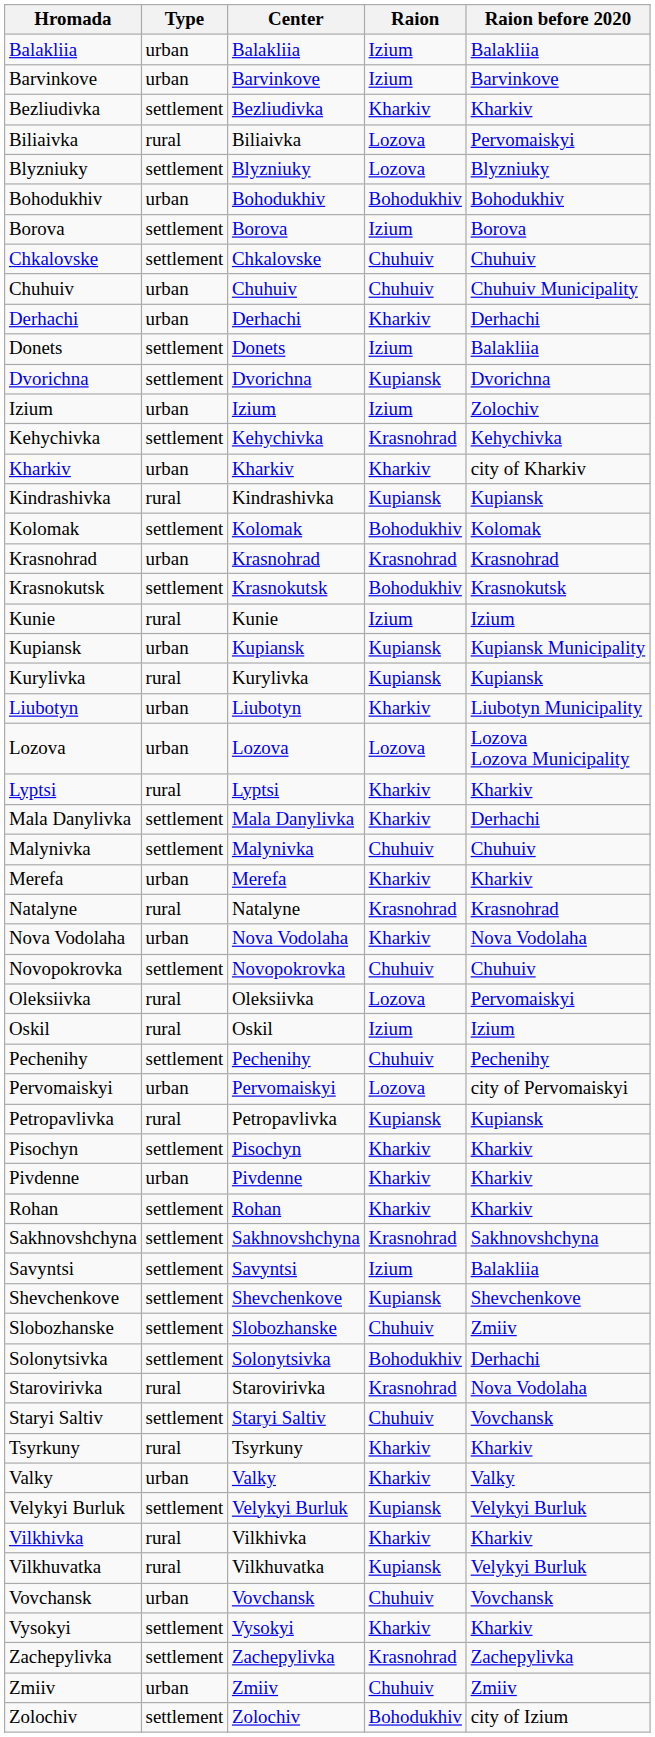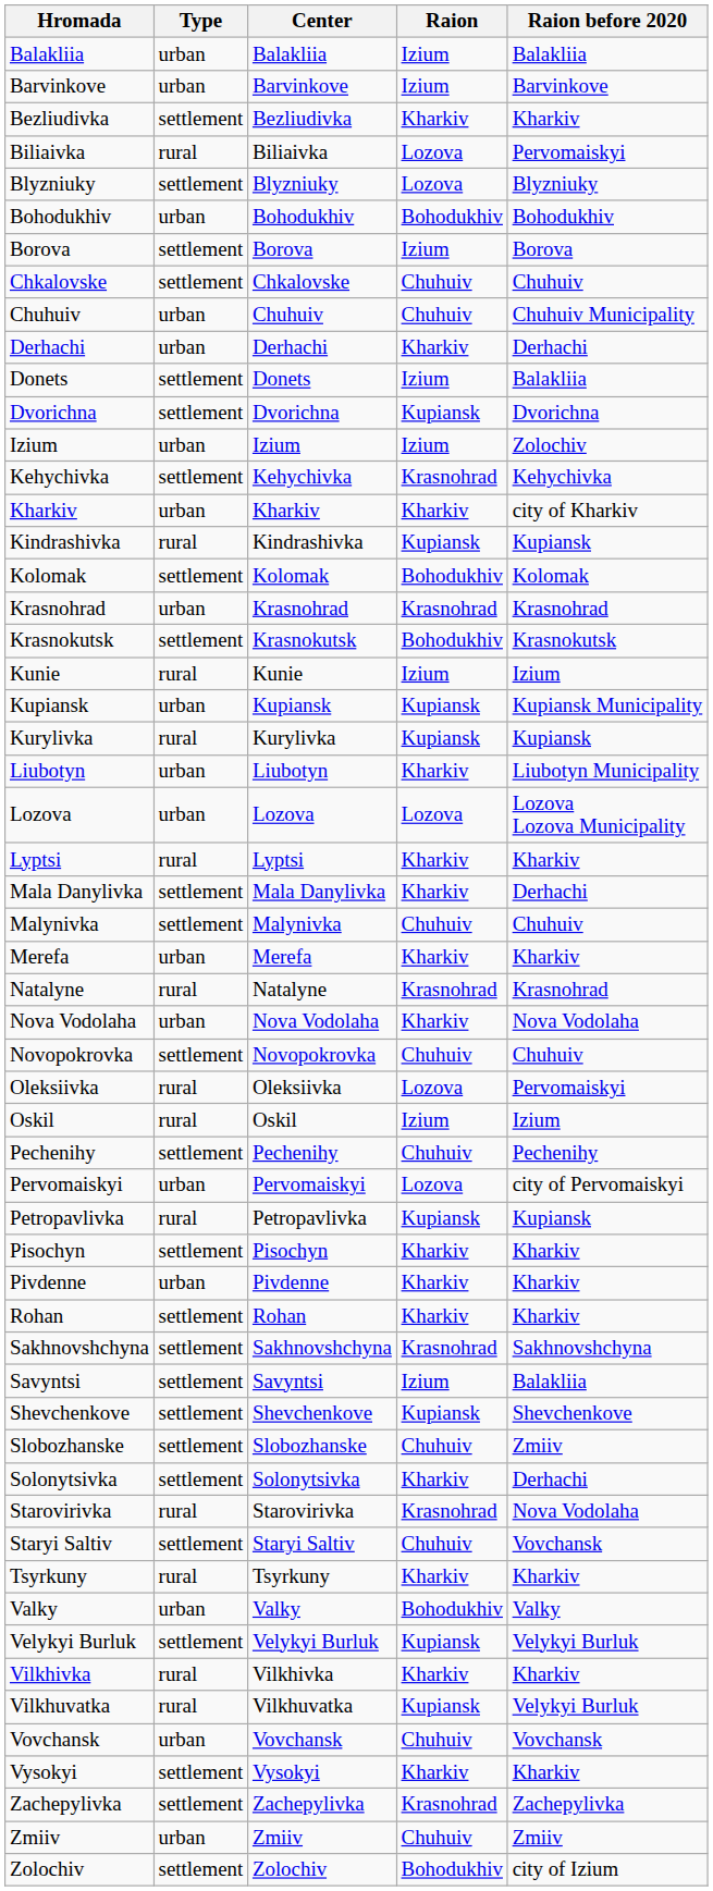 <table class='wikitable sortable'>
 <tr>
 <th>Hromada</th>
 <th>Type</th>
 <th>Center</th>
 <th>Raion</th>
 <th>Raion before 2020</th>
 </tr>
 <tr>
 <td><a href='#'>Balakliia</a></td>
 <td>urban</td>
 <td><a href='#'>Balakliia</a></td>
 <td><a href='#'>Izium</a></td>
 <td><a href='#'>Balakliia</a></td>
 </tr>
 <tr>
 <td>Barvinkove</td>
 <td>urban</td>
 <td><a href='#'>Barvinkove</a></td>
 <td><a href='#'>Izium</a></td>
 <td><a href='#'>Barvinkove</a></td>
 </tr>
 <tr>
 <td>Bezliudivka</td>
 <td>settlement</td>
 <td><a href='#'>Bezliudivka</a></td>
 <td><a href='#'>Kharkiv</a></td>
 <td><a href='#'>Kharkiv</a></td>
 </tr>
 <tr>
 <td>Biliaivka</td>
 <td>rural</td>
 <td>Biliaivka</td>
 <td><a href='#'>Lozova</a></td>
 <td><a href='#'>Pervomaiskyi</a></td>
 </tr>
 <tr>
 <td>Blyzniuky</td>
 <td>settlement</td>
 <td><a href='#'>Blyzniuky</a></td>
 <td><a href='#'>Lozova</a></td>
 <td><a href='#'>Blyzniuky</a></td>
 </tr>
 <tr>
 <td>Bohodukhiv</td>
 <td>urban</td>
 <td><a href='#'>Bohodukhiv</a></td>
 <td><a href='#'>Bohodukhiv</a></td>
 <td><a href='#'>Bohodukhiv</a></td>
 </tr>
 <tr>
 <td>Borova</td>
 <td>settlement</td>
 <td><a href='#'>Borova</a></td>
 <td><a href='#'>Izium</a></td>
 <td><a href='#'>Borova</a></td>
 </tr>
 <tr>
 <td><a href='#'>Chkalovske</a></td>
 <td>settlement</td>
 <td><a href='#'>Chkalovske</a></td>
 <td><a href='#'>Chuhuiv</a></td>
 <td><a href='#'>Chuhuiv</a></td>
 </tr>
 <tr>
 <td>Chuhuiv</td>
 <td>urban</td>
 <td><a href='#'>Chuhuiv</a></td>
 <td><a href='#'>Chuhuiv</a></td>
 <td><a href='#'>Chuhuiv Municipality</a></td>
 </tr>
 <tr>
 <td><a href='#'>Derhachi</a></td>
 <td>urban</td>
 <td><a href='#'>Derhachi</a></td>
 <td><a href='#'>Kharkiv</a></td>
 <td><a href='#'>Derhachi</a></td>
 </tr>
 <tr>
 <td>Donets</td>
 <td>settlement</td>
 <td><a href='#'>Donets</a></td>
 <td><a href='#'>Izium</a></td>
 <td><a href='#'>Balakliia</a></td>
 </tr>
 <tr>
 <td><a href='#'>Dvorichna</a></td>
 <td>settlement</td>
 <td><a href='#'>Dvorichna</a></td>
 <td><a href='#'>Kupiansk</a></td>
 <td><a href='#'>Dvorichna</a></td>
 </tr>
 <tr>
 <td>Izium</td>
 <td>urban</td>
 <td><a href='#'>Izium</a></td>
 <td><a href='#'>Izium</a></td>
 <td><a href='#'>Zolochiv</a></td>
 </tr>
 <tr>
 <td>Kehychivka</td>
 <td>settlement</td>
 <td><a href='#'>Kehychivka</a></td>
 <td><a href='#'>Krasnohrad</a></td>
 <td><a href='#'>Kehychivka</a></td>
 </tr>
 <tr>
 <td><a href='#'>Kharkiv</a></td>
 <td>urban</td>
 <td><a href='#'>Kharkiv</a></td>
 <td><a href='#'>Kharkiv</a></td>
 <td>city of Kharkiv</td>
 </tr>
 <tr>
 <td>Kindrashivka</td>
 <td>rural</td>
 <td>Kindrashivka</td>
 <td><a href='#'>Kupiansk</a></td>
 <td><a href='#'>Kupiansk</a></td>
 </tr>
 <tr>
 <td>Kolomak</td>
 <td>settlement</td>
 <td><a href='#'>Kolomak</a></td>
 <td><a href='#'>Bohodukhiv</a></td>
 <td><a href='#'>Kolomak</a></td>
 </tr>
 <tr>
 <td>Krasnohrad</td>
 <td>urban</td>
 <td><a href='#'>Krasnohrad</a></td>
 <td><a href='#'>Krasnohrad</a></td>
 <td><a href='#'>Krasnohrad</a></td>
 </tr>
 <tr>
 <td>Krasnokutsk</td>
 <td>settlement</td>
 <td><a href='#'>Krasnokutsk</a></td>
 <td><a href='#'>Bohodukhiv</a></td>
 <td><a href='#'>Krasnokutsk</a></td>
 </tr>
 <tr>
 <td>Kunie</td>
 <td>rural</td>
 <td>Kunie</td>
 <td><a href='#'>Izium</a></td>
 <td><a href='#'>Izium</a></td>
 </tr>
 <tr>
 <td>Kupiansk</td>
 <td>urban</td>
 <td><a href='#'>Kupiansk</a></td>
 <td><a href='#'>Kupiansk</a></td>
 <td><a href='#'>Kupiansk Municipality</a></td>
 </tr>
 <tr>
 <td>Kurylivka</td>
 <td>rural</td>
 <td>Kurylivka</td>
 <td><a href='#'>Kupiansk</a></td>
 <td><a href='#'>Kupiansk</a></td>
 </tr>
 <tr>
 <td><a href='#'>Liubotyn</a></td>
 <td>urban</td>
 <td><a href='#'>Liubotyn</a></td>
 <td><a href='#'>Kharkiv</a></td>
 <td><a href='#'>Liubotyn Municipality</a></td>
 </tr>
 <tr>
 <td>Lozova</td>
 <td>urban</td>
 <td><a href='#'>Lozova</a></td>
 <td><a href='#'>Lozova</a></td>
 <td><a href='#'>Lozova</a><br> <a href='#'>Lozova Municipality</a></td>
 </tr>
 <tr>
 <td><a href='#'>Lyptsi</a></td>
 <td>rural</td>
 <td><a href='#'>Lyptsi</a></td>
 <td><a href='#'>Kharkiv</a></td>
 <td><a href='#'>Kharkiv</a></td>
 </tr>
 <tr>
 <td>Mala Danylivka</td>
 <td>settlement</td>
 <td><a href='#'>Mala Danylivka</a></td>
 <td><a href='#'>Kharkiv</a></td>
 <td><a href='#'>Derhachi</a></td>
 </tr>
 <tr>
 <td>Malynivka</td>
 <td>settlement</td>
 <td><a href='#'>Malynivka</a></td>
 <td><a href='#'>Chuhuiv</a></td>
 <td><a href='#'>Chuhuiv</a></td>
 </tr>
 <tr>
 <td>Merefa</td>
 <td>urban</td>
 <td><a href='#'>Merefa</a></td>
 <td><a href='#'>Kharkiv</a></td>
 <td><a href='#'>Kharkiv</a></td>
 </tr>
 <tr>
 <td>Natalyne</td>
 <td>rural</td>
 <td>Natalyne</td>
 <td><a href='#'>Krasnohrad</a></td>
 <td><a href='#'>Krasnohrad</a></td>
 </tr>
 <tr>
 <td>Nova Vodolaha</td>
 <td>urban</td>
 <td><a href='#'>Nova Vodolaha</a></td>
 <td><a href='#'>Kharkiv</a></td>
 <td><a href='#'>Nova Vodolaha</a></td>
 </tr>
 <tr>
 <td>Novopokrovka</td>
 <td>settlement</td>
 <td><a href='#'>Novopokrovka</a></td>
 <td><a href='#'>Chuhuiv</a></td>
 <td><a href='#'>Chuhuiv</a></td>
 </tr>
 <tr>
 <td>Oleksiivka</td>
 <td>rural</td>
 <td>Oleksiivka</td>
 <td><a href='#'>Lozova</a></td>
 <td><a href='#'>Pervomaiskyi</a></td>
 </tr>
 <tr>
 <td>Oskil</td>
 <td>rural</td>
 <td>Oskil</td>
 <td><a href='#'>Izium</a></td>
 <td><a href='#'>Izium</a></td>
 </tr>
 <tr>
 <td>Pechenihy</td>
 <td>settlement</td>
 <td><a href='#'>Pechenihy</a></td>
 <td><a href='#'>Chuhuiv</a></td>
 <td><a href='#'>Pechenihy</a></td>
 </tr>
 <tr>
 <td>Pervomaiskyi</td>
 <td>urban</td>
 <td><a href='#'>Pervomaiskyi</a></td>
 <td><a href='#'>Lozova</a></td>
 <td>city of Pervomaiskyi</td>
 </tr>
 <tr>
 <td>Petropavlivka</td>
 <td>rural</td>
 <td>Petropavlivka</td>
 <td><a href='#'>Kupiansk</a></td>
 <td><a href='#'>Kupiansk</a></td>
 </tr>
 <tr>
 <td>Pisochyn</td>
 <td>settlement</td>
 <td><a href='#'>Pisochyn</a></td>
 <td><a href='#'>Kharkiv</a></td>
 <td><a href='#'>Kharkiv</a></td>
 </tr>
 <tr>
 <td>Pivdenne</td>
 <td>urban</td>
 <td><a href='#'>Pivdenne</a></td>
 <td><a href='#'>Kharkiv</a></td>
 <td><a href='#'>Kharkiv</a></td>
 </tr>
 <tr>
 <td>Rohan</td>
 <td>settlement</td>
 <td><a href='#'>Rohan</a></td>
 <td><a href='#'>Kharkiv</a></td>
 <td><a href='#'>Kharkiv</a></td>
 </tr>
 <tr>
 <td>Sakhnovshchyna</td>
 <td>settlement</td>
 <td><a href='#'>Sakhnovshchyna</a></td>
 <td><a href='#'>Krasnohrad</a></td>
 <td><a href='#'>Sakhnovshchyna</a></td>
 </tr>
 <tr>
 <td>Savyntsi</td>
 <td>settlement</td>
 <td><a href='#'>Savyntsi</a></td>
 <td><a href='#'>Izium</a></td>
 <td><a href='#'>Balakliia</a></td>
 </tr>
 <tr>
 <td>Shevchenkove</td>
 <td>settlement</td>
 <td><a href='#'>Shevchenkove</a></td>
 <td><a href='#'>Kupiansk</a></td>
 <td><a href='#'>Shevchenkove</a></td>
 </tr>
 <tr>
 <td>Slobozhanske</td>
 <td>settlement</td>
 <td><a href='#'>Slobozhanske</a></td>
 <td><a href='#'>Chuhuiv</a></td>
 <td><a href='#'>Zmiiv</a></td>
 </tr>
 <tr>
 <td>Solonytsivka</td>
 <td>settlement</td>
 <td><a href='#'>Solonytsivka</a></td>
-<td><a href='#'>Bohodukhiv</a></td>
+<td><a href='#'>Kharkiv</a></td>
 <td><a href='#'>Derhachi</a></td>
 </tr>
 <tr>
 <td>Starovirivka</td>
 <td>rural</td>
 <td>Starovirivka</td>
 <td><a href='#'>Krasnohrad</a></td>
 <td><a href='#'>Nova Vodolaha</a></td>
 </tr>
 <tr>
 <td>Staryi Saltiv</td>
 <td>settlement</td>
 <td><a href='#'>Staryi Saltiv</a></td>
 <td><a href='#'>Chuhuiv</a></td>
 <td><a href='#'>Vovchansk</a></td>
 </tr>
 <tr>
 <td>Tsyrkuny</td>
 <td>rural</td>
 <td>Tsyrkuny</td>
 <td><a href='#'>Kharkiv</a></td>
 <td><a href='#'>Kharkiv</a></td>
 </tr>
 <tr>
 <td>Valky</td>
 <td>urban</td>
 <td><a href='#'>Valky</a></td>
-<td><a href='#'>Kharkiv</a></td>
+<td><a href='#'>Bohodukhiv</a></td>
 <td><a href='#'>Valky</a></td>
 </tr>
 <tr>
 <td>Velykyi Burluk</td>
 <td>settlement</td>
 <td><a href='#'>Velykyi Burluk</a></td>
 <td><a href='#'>Kupiansk</a></td>
 <td><a href='#'>Velykyi Burluk</a></td>
 </tr>
 <tr>
 <td><a href='#'>Vilkhivka</a></td>
 <td>rural</td>
 <td>Vilkhivka</td>
 <td><a href='#'>Kharkiv</a></td>
 <td><a href='#'>Kharkiv</a></td>
 </tr>
 <tr>
 <td>Vilkhuvatka</td>
 <td>rural</td>
 <td>Vilkhuvatka</td>
 <td><a href='#'>Kupiansk</a></td>
 <td><a href='#'>Velykyi Burluk</a></td>
 </tr>
 <tr>
 <td>Vovchansk</td>
 <td>urban</td>
 <td><a href='#'>Vovchansk</a></td>
 <td><a href='#'>Chuhuiv</a></td>
 <td><a href='#'>Vovchansk</a></td>
 </tr>
 <tr>
 <td>Vysokyi</td>
 <td>settlement</td>
 <td><a href='#'>Vysokyi</a></td>
 <td><a href='#'>Kharkiv</a></td>
 <td><a href='#'>Kharkiv</a></td>
 </tr>
 <tr>
 <td>Zachepylivka</td>
 <td>settlement</td>
 <td><a href='#'>Zachepylivka</a></td>
 <td><a href='#'>Krasnohrad</a></td>
 <td><a href='#'>Zachepylivka</a></td>
 </tr>
 <tr>
 <td>Zmiiv</td>
 <td>urban</td>
 <td><a href='#'>Zmiiv</a></td>
 <td><a href='#'>Chuhuiv</a></td>
 <td><a href='#'>Zmiiv</a></td>
 </tr>
 <tr>
 <td>Zolochiv</td>
 <td>settlement</td>
 <td><a href='#'>Zolochiv</a></td>
 <td><a href='#'>Bohodukhiv</a></td>
 <td>city of Izium</td>
 </tr>
 </table>
